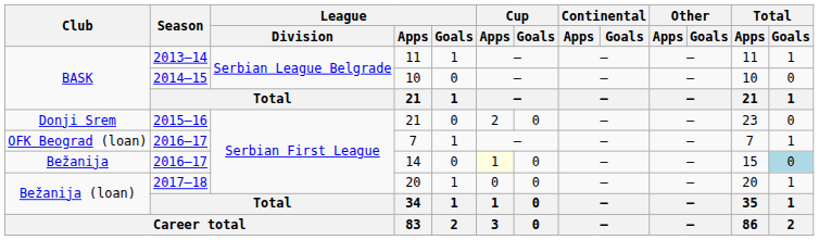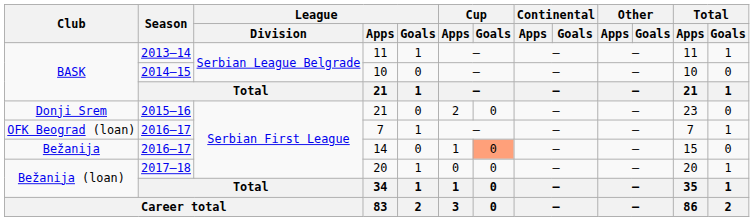 <table class="wikitable" style="text-align:center">
 <tr>
 <th rowspan="2">Club</th>
 <th rowspan="2">Season</th>
 <th colspan="3">League</th>
 <th colspan="2">Cup</th>
 <th colspan="2">Continental</th>
 <th colspan="2">Other</th>
 <th colspan="2">Total</th>
 </tr>
 <tr>
 <th>Division</th>
 <th>Apps</th>
 <th>Goals</th>
 <th>Apps</th>
 <th>Goals</th>
 <th>Apps</th>
 <th>Goals</th>
 <th>Apps</th>
 <th>Goals</th>
 <th>Apps</th>
 <th>Goals</th>
 </tr>
 <tr>
 <td rowspan="3"><a href='#'>BASK</a></td>
 <td><a href='#'>2013–14</a></td>
 <td rowspan="2"><a href='#'>Serbian League Belgrade</a></td>
 <td>11</td>
 <td>1</td>
 <td colspan="2">—</td>
 <td colspan="2">—</td>
 <td colspan="2">—</td>
 <td>11</td>
 <td>1</td>
 </tr>
 <tr>
 <td><a href='#'>2014–15</a></td>
 <td>10</td>
 <td>0</td>
 <td colspan="2">—</td>
 <td colspan="2">—</td>
 <td colspan="2">—</td>
 <td>10</td>
 <td>0</td>
 </tr>
 <tr>
 <th colspan="2">Total</th>
 <th>21</th>
 <th>1</th>
 <th colspan="2">—</th>
 <th colspan="2">—</th>
 <th colspan="2">—</th>
 <th>21</th>
 <th>1</th>
 </tr>
 <tr>
 <td><a href='#'>Donji Srem</a></td>
 <td><a href='#'>2015–16</a></td>
 <td rowspan="4"><a href='#'>Serbian First League</a></td>
 <td>21</td>
 <td>0</td>
 <td>2</td>
 <td>0</td>
 <td colspan="2">—</td>
 <td colspan="2">—</td>
 <td>23</td>
 <td>0</td>
 </tr>
 <tr>
 <td><a href='#'>OFK Beograd</a> (loan)</td>
 <td><a href='#'>2016–17</a></td>
 <td>7</td>
 <td>1</td>
 <td colspan="2">—</td>
 <td colspan="2">—</td>
 <td colspan="2">—</td>
 <td>7</td>
 <td>1</td>
 </tr>
 <tr>
 <td><a href='#'>Bežanija</a></td>
 <td><a href='#'>2016–17</a></td>
 <td>14</td>
 <td>0</td>
-<td style="background: lightyellow;">1</td>
-<td>0</td>
+<td>1</td>
+<td style="background: lightsalmon;">0</td>
 <td colspan="2">—</td>
 <td colspan="2">—</td>
 <td>15</td>
-<td style="background: lightblue;">0</td>
+<td>0</td>
 </tr>
 <tr>
 <td rowspan="2"><a href='#'>Bežanija</a> (loan)</td>
 <td><a href='#'>2017–18</a></td>
 <td>20</td>
 <td>1</td>
 <td>0</td>
 <td>0</td>
 <td colspan="2">—</td>
 <td colspan="2">—</td>
 <td>20</td>
 <td>1</td>
 </tr>
 <tr>
 <th colspan="2">Total</th>
 <th>34</th>
 <th>1</th>
 <th>1</th>
 <th>0</th>
 <th colspan="2">—</th>
 <th colspan="2">—</th>
 <th>35</th>
 <th>1</th>
 </tr>
 <tr>
 <th colspan="3">Career total</th>
 <th>83</th>
 <th>2</th>
 <th>3</th>
 <th>0</th>
 <th colspan="2">—</th>
 <th colspan="2">—</th>
 <th>86</th>
 <th>2</th>
 </tr>
 </table>
